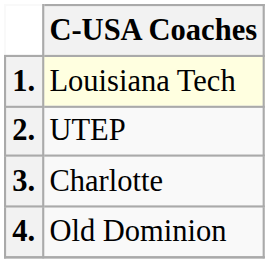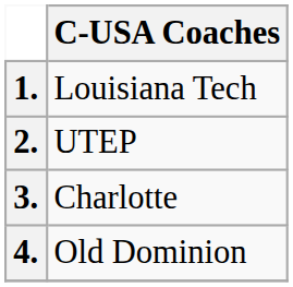 <table class="wikitable" style="white-space:nowrap; font-size:90%;">
 <tr>
 <td ! colspan=1 style="background:white; border-top-style:hidden; border-left-style:hidden;"></td>
 <th>C-USA Coaches</th>
 </tr>
 <tr>
 <th>1.</th>
-<td style="background: lightyellow;">Louisiana Tech</td>
+<td>Louisiana Tech</td>
 </tr>
 <tr>
 <th>2.</th>
 <td>UTEP</td>
 </tr>
 <tr>
 <th>3.</th>
 <td>Charlotte</td>
 </tr>
 <tr>
 <th>4.</th>
 <td>Old Dominion</td>
 </tr>
 <tr>
 </tr>
 </table>
